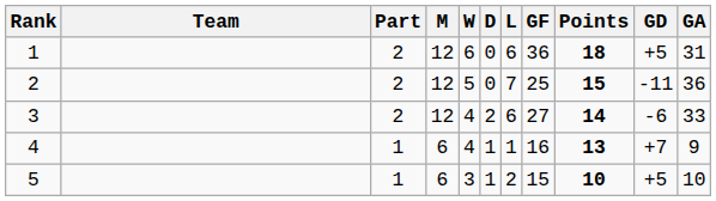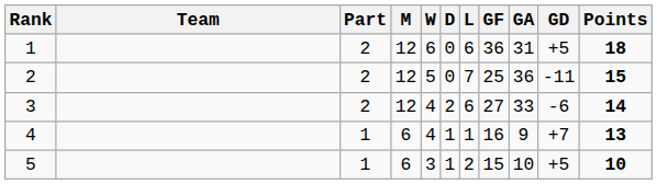 <table class="wikitable sortable" style="text-align:center">
 <tr>
 <th>Rank</th>
 <th width=200>Team</th>
 <th>Part</th>
 <th>M</th>
 <th>W</th>
 <th>D</th>
 <th>L</th>
 <th>GF</th>
+<th>GA</th>
+<th>GD</th>
 <th>Points</th>
-<th>GD</th>
-<th>GA</th>
 </tr>
 <tr>
 <td>1</td>
 <td align=left></td>
 <td>2</td>
 <td>12</td>
 <td>6</td>
 <td>0</td>
 <td>6</td>
 <td>36</td>
+<td>31</td>
+<td>+5</td>
 <td><strong>18</strong></td>
-<td>+5</td>
-<td>31</td>
 </tr>
 <tr>
 <td>2</td>
 <td align=left></td>
 <td>2</td>
 <td>12</td>
 <td>5</td>
 <td>0</td>
 <td>7</td>
 <td>25</td>
+<td>36</td>
+<td>-11</td>
 <td><strong>15</strong></td>
-<td>-11</td>
-<td>36</td>
 </tr>
 <tr>
 <td>3</td>
 <td align=left></td>
 <td>2</td>
 <td>12</td>
 <td>4</td>
 <td>2</td>
 <td>6</td>
 <td>27</td>
+<td>33</td>
+<td>-6</td>
 <td><strong>14</strong></td>
-<td>-6</td>
-<td>33</td>
 </tr>
 <tr>
 <td>4</td>
 <td align=left></td>
 <td>1</td>
 <td>6</td>
 <td>4</td>
 <td>1</td>
 <td>1</td>
 <td>16</td>
+<td>9</td>
+<td>+7</td>
 <td><strong>13</strong></td>
-<td>+7</td>
-<td>9</td>
 </tr>
 <tr>
 <td>5</td>
 <td align=left></td>
 <td>1</td>
 <td>6</td>
 <td>3</td>
 <td>1</td>
 <td>2</td>
 <td>15</td>
+<td>10</td>
+<td>+5</td>
 <td><strong>10</strong></td>
-<td>+5</td>
-<td>10</td>
 </tr>
 </table>
